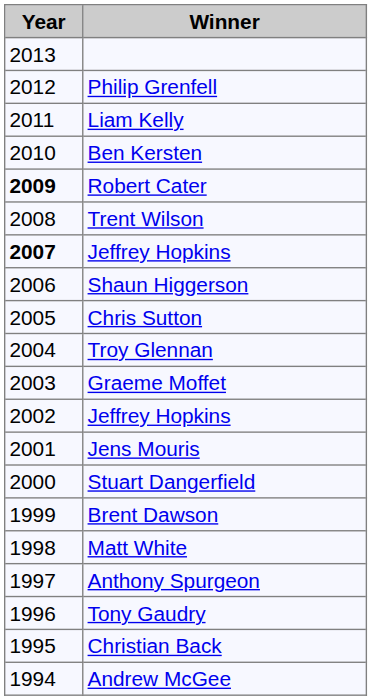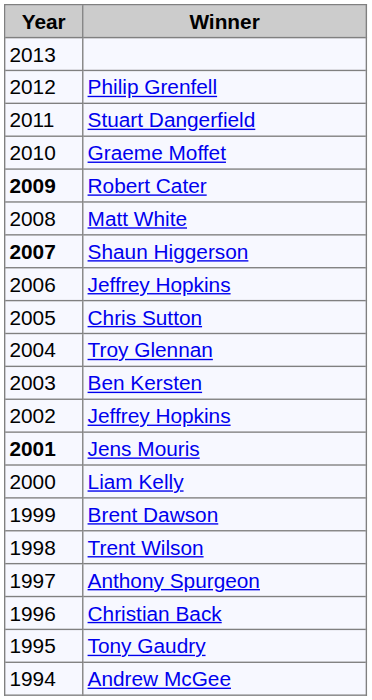 <table bgcolor="#f7f8ff" cellpadding="3" cellspacing="0" border="1" style="font-size: 95%; border: gray solid 1px; border-collapse: collapse;">
 <tr bgcolor="#CCCCCC">
 <td align="center" width="50"><strong>Year</strong></td>
 <td align="center" width="200"><strong>Winner</strong></td>
 </tr>
 <tr>
 <td>2013</td>
 <td></td>
 </tr>
 <tr>
 <td>2012</td>
 <td> <a href='#'>Philip Grenfell</a></td>
 </tr>
 <tr>
 <td>2011</td>
-<td> <a href='#'>Liam Kelly</a></td>
+<td> <a href='#'>Stuart Dangerfield</a></td>
 </tr>
 <tr>
 <td>2010</td>
-<td> <a href='#'>Ben Kersten</a></td>
+<td> <a href='#'>Graeme Moffet</a></td>
 </tr>
 <tr>
 <td><strong>2009</strong></td>
 <td> <a href='#'>Robert Cater</a></td>
 </tr>
 <tr>
 <td>2008</td>
-<td> <a href='#'>Trent Wilson</a></td>
+<td> <a href='#'>Matt White</a></td>
 </tr>
 <tr>
 <td><strong>2007</strong></td>
-<td> <a href='#'>Jeffrey Hopkins</a></td>
+<td> <a href='#'>Shaun Higgerson</a></td>
 </tr>
 <tr>
 <td>2006</td>
-<td> <a href='#'>Shaun Higgerson</a></td>
+<td> <a href='#'>Jeffrey Hopkins</a></td>
 </tr>
 <tr>
 <td>2005</td>
 <td> <a href='#'>Chris Sutton</a></td>
 </tr>
 <tr>
 <td>2004</td>
 <td> <a href='#'>Troy Glennan</a></td>
 </tr>
 <tr>
 <td>2003</td>
-<td> <a href='#'>Graeme Moffet</a></td>
+<td> <a href='#'>Ben Kersten</a></td>
 </tr>
 <tr>
 <td>2002</td>
 <td> <a href='#'>Jeffrey Hopkins</a></td>
 </tr>
 <tr>
-<td>2001</td>
+<td><strong>2001</strong></td>
 <td> <a href='#'>Jens Mouris</a></td>
 </tr>
 <tr>
 <td>2000</td>
-<td> <a href='#'>Stuart Dangerfield</a></td>
+<td> <a href='#'>Liam Kelly</a></td>
 </tr>
 <tr>
 <td>1999</td>
 <td> <a href='#'>Brent Dawson</a></td>
 </tr>
 <tr>
 <td>1998</td>
-<td> <a href='#'>Matt White</a></td>
+<td> <a href='#'>Trent Wilson</a></td>
 </tr>
 <tr>
 <td>1997</td>
 <td> <a href='#'>Anthony Spurgeon</a></td>
 </tr>
 <tr>
 <td>1996</td>
-<td> <a href='#'>Tony Gaudry</a></td>
+<td> <a href='#'>Christian Back</a></td>
 </tr>
 <tr>
 <td>1995</td>
-<td> <a href='#'>Christian Back</a></td>
+<td> <a href='#'>Tony Gaudry</a></td>
 </tr>
 <tr>
 <td>1994</td>
 <td> <a href='#'>Andrew McGee</a></td>
 </tr>
 </table>
